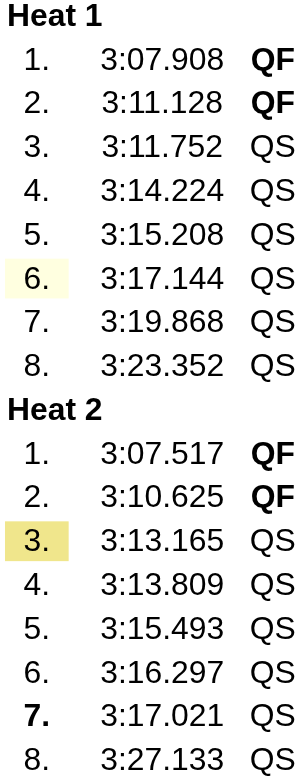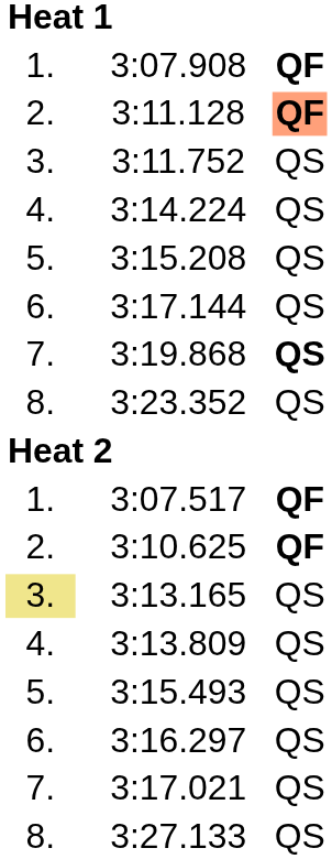 <table style="text-align:center">
 <tr>
 <td colspan=4 align=left><strong>Heat 1</strong></td>
 </tr>
 <tr>
 <td width=30>1.</td>
 <td align=left></td>
 <td width=80>3:07.908</td>
 <td><strong>QF</strong></td>
 </tr>
 <tr>
 <td>2.</td>
 <td align=left></td>
 <td>3:11.128</td>
-<td><strong>QF</strong></td>
+<td style="background: lightsalmon;"><strong>QF</strong></td>
 </tr>
 <tr>
 <td>3.</td>
 <td align=left></td>
 <td>3:11.752</td>
 <td>QS</td>
 </tr>
 <tr>
 <td>4.</td>
 <td align=left></td>
 <td>3:14.224</td>
 <td>QS</td>
 </tr>
 <tr>
 <td>5.</td>
 <td align=left></td>
 <td>3:15.208</td>
 <td>QS</td>
 </tr>
 <tr>
-<td style="background: lightyellow;">6.</td>
+<td>6.</td>
 <td align=left></td>
 <td>3:17.144</td>
 <td>QS</td>
 </tr>
 <tr>
 <td>7.</td>
 <td align=left></td>
 <td>3:19.868</td>
-<td>QS</td>
+<td><strong>QS</strong></td>
 </tr>
 <tr>
 <td>8.</td>
 <td align=left></td>
 <td>3:23.352</td>
 <td>QS</td>
 </tr>
 <tr>
 <td colspan=4 align=left><strong>Heat 2</strong></td>
 </tr>
 <tr>
 <td>1.</td>
 <td align=left></td>
 <td>3:07.517</td>
 <td><strong>QF</strong></td>
 </tr>
 <tr>
 <td>2.</td>
 <td align=left></td>
 <td>3:10.625</td>
 <td><strong>QF</strong></td>
 </tr>
 <tr>
 <td style="background: khaki;">3.</td>
 <td align=left></td>
 <td>3:13.165</td>
 <td>QS</td>
 </tr>
 <tr>
 <td>4.</td>
 <td align=left></td>
 <td>3:13.809</td>
 <td>QS</td>
 </tr>
 <tr>
 <td>5.</td>
 <td align=left></td>
 <td>3:15.493</td>
 <td>QS</td>
 </tr>
 <tr>
 <td>6.</td>
 <td align=left></td>
 <td>3:16.297</td>
 <td>QS</td>
 </tr>
 <tr>
-<td><strong>7.</strong></td>
+<td>7.</td>
 <td align=left></td>
 <td>3:17.021</td>
 <td>QS</td>
 </tr>
 <tr>
 <td>8.</td>
 <td align=left></td>
 <td>3:27.133</td>
 <td>QS</td>
 </tr>
 </table>
